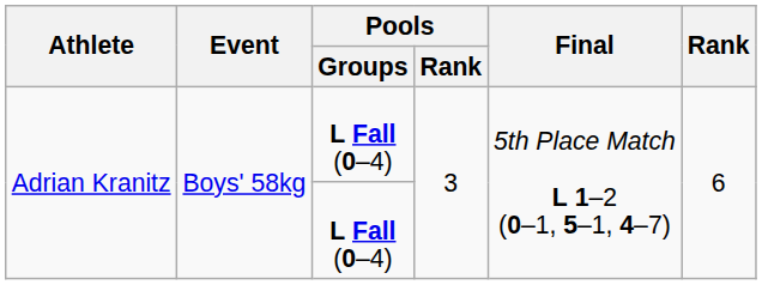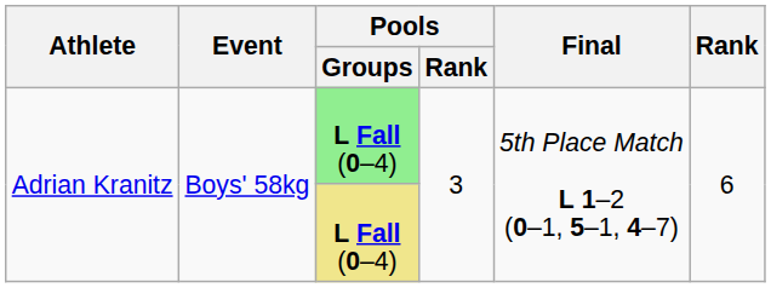 <table class="wikitable" style="text-align:left; font-size:90%">
 <tr>
 <th rowspan="2">Athlete</th>
 <th rowspan="2">Event</th>
 <th colspan="2">Pools</th>
 <th rowspan="2">Final</th>
 <th rowspan="2">Rank</th>
 </tr>
 <tr>
 <th>Groups</th>
 <th>Rank</th>
 </tr>
 <tr>
 <td rowspan="2"><a href='#'>Adrian Kranitz</a></td>
 <td rowspan="2"><a href='#'>Boys' 58kg</a></td>
-<td align=center><br><strong>L</strong> <strong><a href='#'>Fall</a></strong><br>(<strong>0</strong>–4)</td>
+<td align=center style="background: lightgreen;"><br><strong>L</strong> <strong><a href='#'>Fall</a></strong><br>(<strong>0</strong>–4)</td>
 <td rowspan="2" align=center>3</td>
 <td align=center rowspan=2><em>5th Place Match</em><br><br><strong>L</strong> <strong>1</strong>–2<br>(<strong>0</strong>–1, <strong>5</strong>–1, <strong>4</strong>–7)</td>
 <td rowspan="2" align="center">6</td>
 </tr>
 <tr>
-<td align=center><br><strong>L</strong> <strong><a href='#'>Fall</a></strong><br>(<strong>0</strong>–4)</td>
+<td align=center style="background: khaki;"><br><strong>L</strong> <strong><a href='#'>Fall</a></strong><br>(<strong>0</strong>–4)</td>
 </tr>
 </table>
